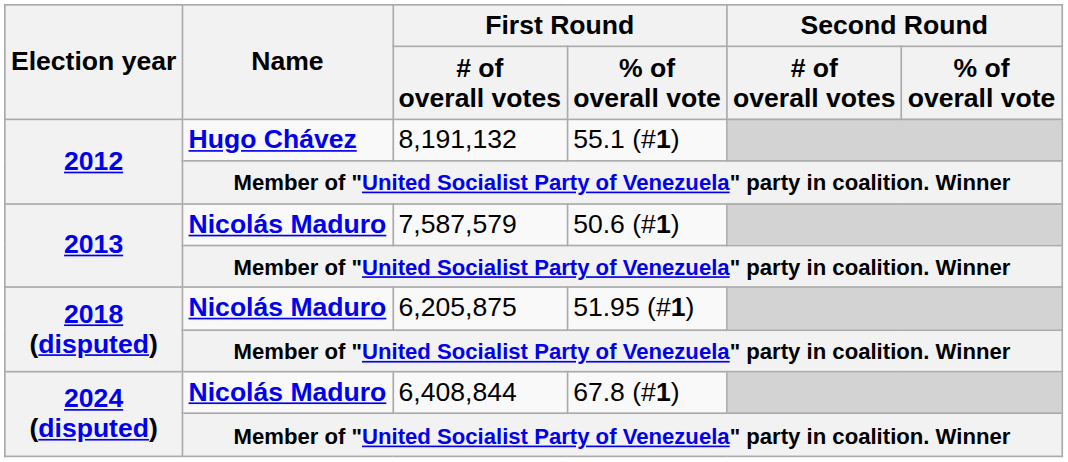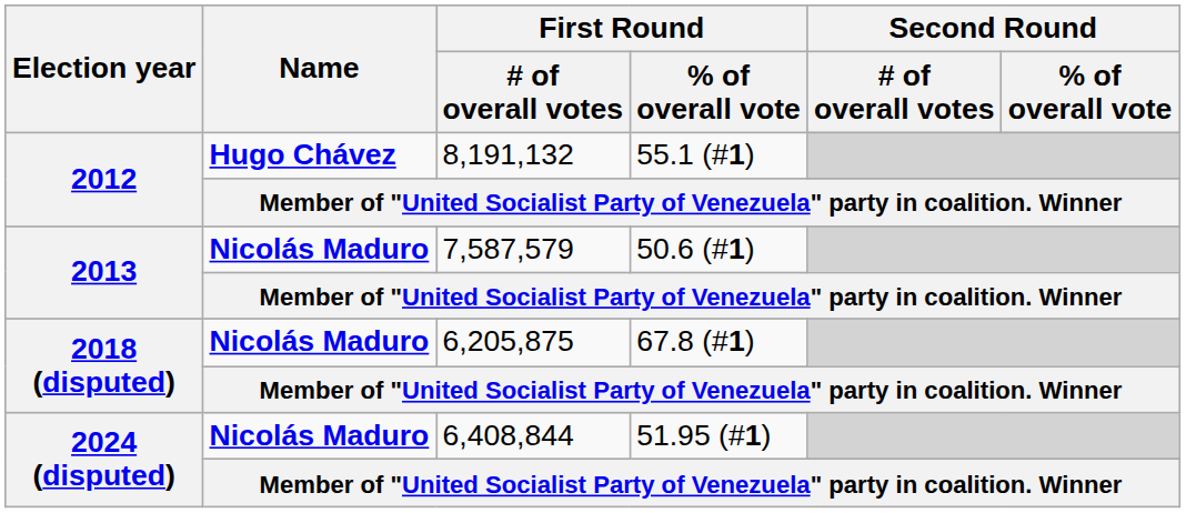 <table class=wikitable>
 <tr>
 <th rowspan=2>Election year</th>
 <th rowspan=2>Name</th>
 <th colspan=2>First Round</th>
 <th colspan=2>Second Round</th>
 </tr>
 <tr>
 <th># of<br>overall votes</th>
 <th>% of<br>overall vote</th>
 <th># of<br>overall votes</th>
 <th>% of<br>overall vote</th>
 </tr>
 <tr>
 <th rowspan=2><a href='#'>2012</a></th>
 <td><strong><a href='#'>Hugo Chávez</a></strong></td>
 <td>8,191,132</td>
 <td>55.1 (#<strong>1</strong>)</td>
 <td colspan=2 bgcolor=lightgrey></td>
 </tr>
 <tr>
 <th colspan=5><small>Member of "<a href='#'>United Socialist Party of Venezuela</a>" party in coalition. Winner</small></th>
 </tr>
 <tr>
 <th rowspan=2><a href='#'>2013</a></th>
 <td><strong><a href='#'>Nicolás Maduro</a></strong></td>
 <td>7,587,579</td>
 <td>50.6 (#<strong>1</strong>)</td>
 <td colspan=2 bgcolor=lightgrey></td>
 </tr>
 <tr>
 <th colspan=5><small>Member of "<a href='#'>United Socialist Party of Venezuela</a>" party in coalition. Winner </small></th>
 </tr>
 <tr>
 <th rowspan=2><a href='#'>2018</a><br>(<a href='#'>disputed</a>)</th>
 <td><strong><a href='#'>Nicolás Maduro</a></strong></td>
 <td>6,205,875</td>
-<td>51.95 (#<strong>1</strong>)</td>
+<td>67.8 (#<strong>1</strong>)</td>
 <td colspan=2 bgcolor=lightgrey></td>
 </tr>
 <tr>
 <th colspan=5><small>Member of "<a href='#'>United Socialist Party of Venezuela</a>" party in coalition. Winner </small></th>
 </tr>
 <tr>
 <th rowspan=2><a href='#'>2024</a><br>(<a href='#'>disputed</a>)</th>
 <td><strong><a href='#'>Nicolás Maduro</a></strong></td>
 <td>6,408,844</td>
-<td>67.8 (#<strong>1</strong>)</td>
+<td>51.95 (#<strong>1</strong>)</td>
 <td colspan=2 bgcolor=lightgrey></td>
 </tr>
 <tr>
 <th colspan=5><small>Member of "<a href='#'>United Socialist Party of Venezuela</a>" party in coalition. Winner </small></th>
 </tr>
 </table>
